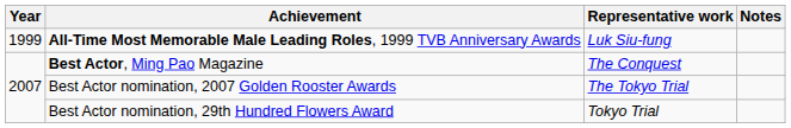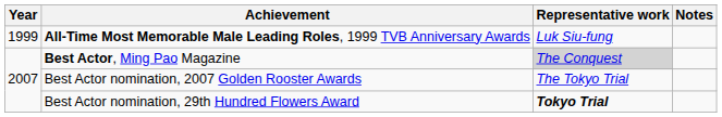 <table class="wikitable">
 <tr>
 <th>Year</th>
 <th>Achievement</th>
 <th>Representative work</th>
 <th>Notes</th>
 </tr>
 <tr>
 <td>1999</td>
 <td><strong>All-Time Most Memorable Male Leading Roles</strong>, 1999 <a href='#'>TVB Anniversary Awards</a></td>
 <td><em><a href='#'>Luk Siu-fung</a></em></td>
 <td></td>
 </tr>
 <tr>
 <td rowspan="3">2007</td>
 <td><strong>Best Actor</strong>, <a href='#'>Ming Pao</a> Magazine</td>
-<td><em><a href='#'>The Conquest</a></em></td>
+<td style="background: lightgrey;"><em><a href='#'>The Conquest</a></em></td>
 <td></td>
 </tr>
 <tr>
 <td>Best Actor nomination, 2007 <a href='#'>Golden Rooster Awards</a></td>
 <td><em><a href='#'>The Tokyo Trial</a></em></td>
 <td></td>
 </tr>
 <tr>
 <td>Best Actor nomination, 29th <a href='#'>Hundred Flowers Award</a></td>
-<td><em>Tokyo Trial</em></td>
+<td><strong><em>Tokyo Trial</em></strong></td>
 <td></td>
 </tr>
 </table>
